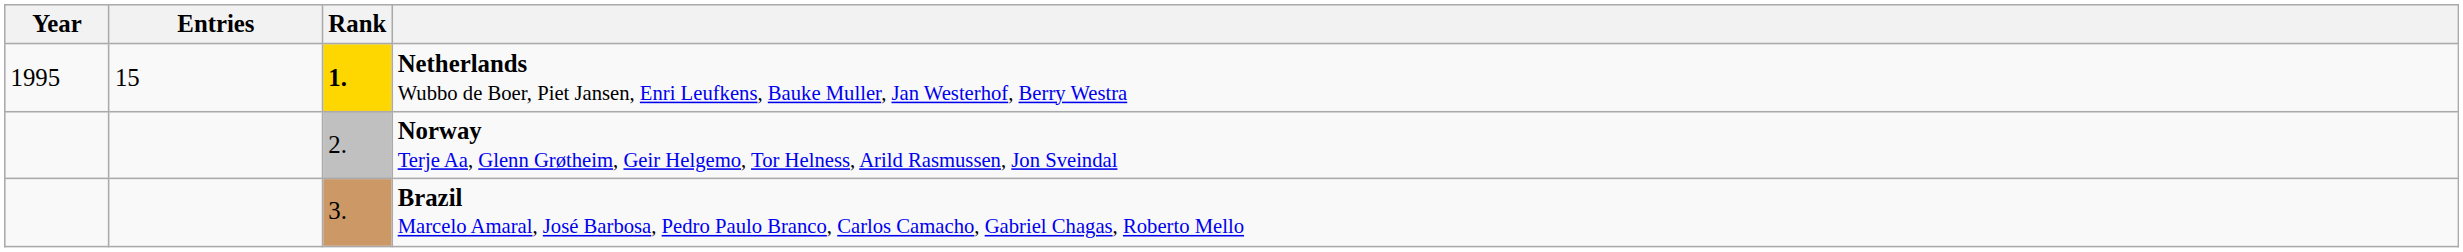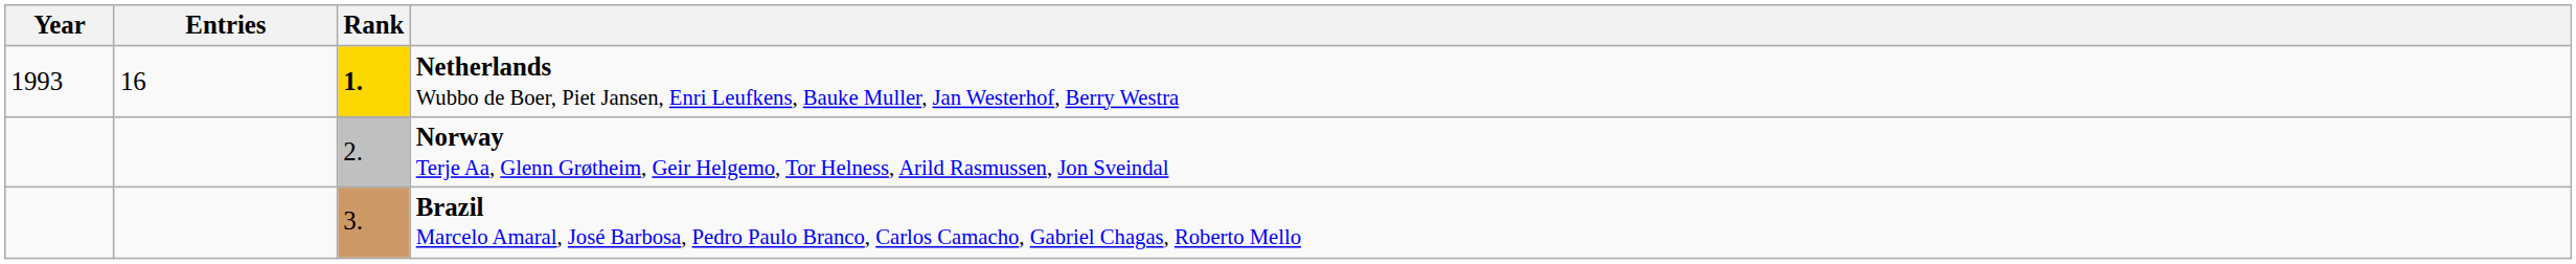 <table class="wikitable" style="width:100%;">
 <tr>
 <th>Year</th>
 <th>Entries</th>
 <th>Rank</th>
 <th></th>
 </tr>
 <tr>
-<td width = 60>1995</td>
-<td>15</td>
+<td width = 60>1993</td>
+<td>16</td>
 <td style="background:gold; width:30px;"><strong>1.</strong></td>
 <td> <strong>Netherlands</strong><br><small>Wubbo de Boer, Piet Jansen, <a href='#'>Enri Leufkens</a>, <a href='#'>Bauke Muller</a>, <a href='#'>Jan Westerhof</a>, <a href='#'>Berry Westra</a></small></td>
 </tr>
 <tr>
 <td></td>
 <td></td>
 <td style="background:silver;">2.</td>
 <td> <strong>Norway</strong><br><small><a href='#'>Terje Aa</a>, <a href='#'>Glenn Grøtheim</a>, <a href='#'>Geir Helgemo</a>, <a href='#'>Tor Helness</a>, <a href='#'>Arild Rasmussen</a>, <a href='#'>Jon Sveindal</a></small></td>
 </tr>
 <tr>
 <td></td>
 <td></td>
 <td style="background:#c96;">3.</td>
 <td> <strong>Brazil</strong><br><small><a href='#'>Marcelo Amaral</a>, <a href='#'>José Barbosa</a>, <a href='#'>Pedro Paulo Branco</a>, <a href='#'>Carlos Camacho</a>, <a href='#'>Gabriel Chagas</a>, <a href='#'>Roberto Mello</a></small></td>
 </tr>
 </table>
